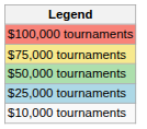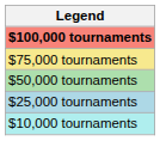 <table class=wikitable style="font-size:85%;">
 <tr>
 <th>Legend</th>
 </tr>
 <tr style="background:#f88379;">
-<td>$100,000 tournaments</td>
+<td><strong>$100,000 tournaments</strong></td>
 </tr>
 <tr style="background:#f7e98e;">
 <td>$75,000 tournaments</td>
 </tr>
 <tr style="background:#addfad;">
 <td>$50,000 tournaments</td>
 </tr>
 <tr style="background:lightblue;">
 <td>$25,000 tournaments</td>
 </tr>
 <tr>
-<td>$10,000 tournaments</td>
+<td style="background: paleturquoise;">$10,000 tournaments</td>
 </tr>
 </table>
